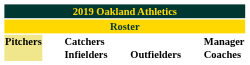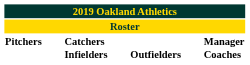 <table class="toccolours" style="font-size: 95%;">
 <tr>
 <th colspan="10" style="background:#003831; color:#ffd800; text-align:center;">2019 Oakland Athletics</th>
 </tr>
 <tr>
 <td colspan="10" style="background:#ffd800; color:#003831; text-align:center;"><strong>Roster</strong></td>
 </tr>
 <tr>
-<td valign="top" style="background: khaki;"><strong>Pitchers</strong><br>                         </td>
+<td valign="top"><strong>Pitchers</strong><br>                         </td>
 <td style="width:25px;"></td>
 <td valign="top"><strong>Catchers</strong><br>      <strong>Infielders</strong>        </td>
 <td style="width:25px;"></td>
 <td valign="top"><br><strong>Outfielders</strong>         </td>
 <td style="width:25px;"></td>
 <td valign="top"><strong>Manager</strong><br> <strong>Coaches</strong>                    </td>
 </tr>
 </table>
